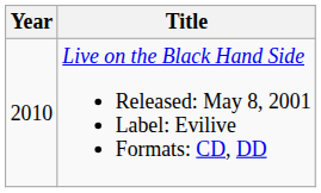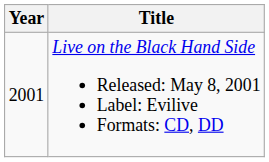 <table class="wikitable">
 <tr>
 <th scope="col">Year</th>
 <th scope="col">Title</th>
 </tr>
 <tr>
-<td>2010</td>
+<td>2001</td>
 <td><em><a href='#'>Live on the Black Hand Side</a></em><br><ul><li>Released: May 8, 2001</li><li>Label: Evilive</li><li>Formats: <a href='#'>CD</a>, <a href='#'>DD</a></li></ul></td>
 </tr>
 </table>
